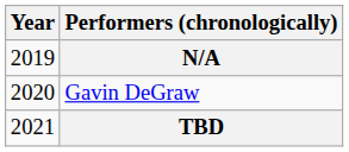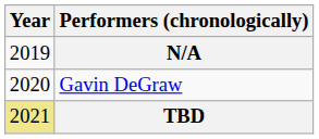 <table class="wikitable">
 <tr>
 <th>Year</th>
 <th>Performers (chronologically)</th>
 </tr>
 <tr>
 <td>2019</td>
 <th>N/A</th>
 </tr>
 <tr>
 <td>2020</td>
 <td><a href='#'>Gavin DeGraw</a></td>
 </tr>
 <tr>
-<td>2021</td>
+<td style="background: khaki;">2021</td>
 <th>TBD</th>
 </tr>
 </table>
